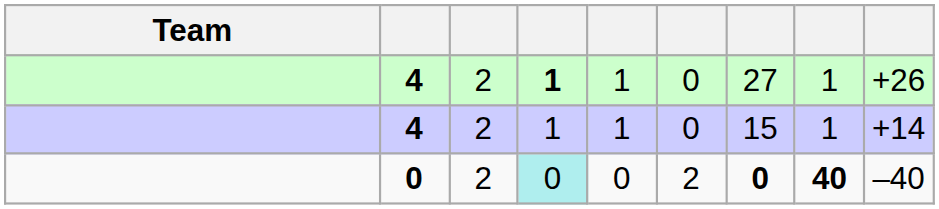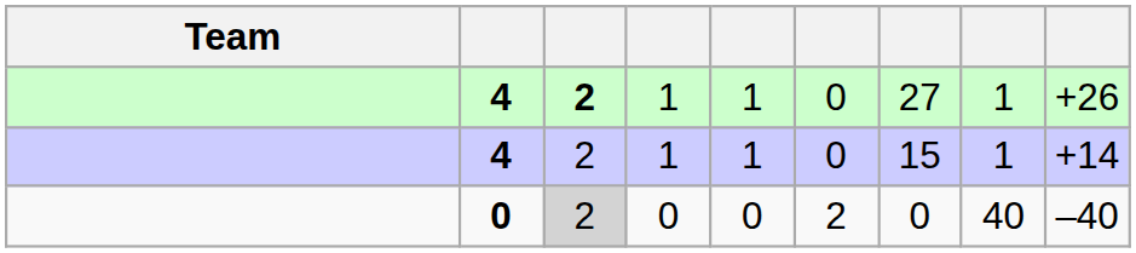 <table class="wikitable" style="text-align: center; font-size: 90%;">
 <tr>
 <th width="165">Team</th>
 <th width="25"></th>
 <th width="25"></th>
 <th width="25"></th>
 <th width="25"></th>
 <th width="25"></th>
 <th width="25"></th>
 <th width="25"></th>
 <th width="25"></th>
 </tr>
 <tr bgcolor=#ccffcc>
 <td align=left></td>
 <td><strong>4</strong></td>
-<td>2</td>
-<td><strong>1</strong></td>
+<td><strong>2</strong></td>
+<td>1</td>
 <td>1</td>
 <td>0</td>
 <td>27</td>
 <td>1</td>
 <td>+26</td>
 </tr>
 <tr bgcolor=#ccccff>
 <td align=left></td>
 <td><strong>4</strong></td>
 <td>2</td>
 <td>1</td>
 <td>1</td>
 <td>0</td>
 <td>15</td>
 <td>1</td>
 <td>+14</td>
 </tr>
 <tr>
 <td align=left></td>
 <td><strong>0</strong></td>
-<td>2</td>
-<td style="background: paleturquoise;">0</td>
+<td style="background: lightgrey;">2</td>
+<td>0</td>
 <td>0</td>
 <td>2</td>
-<td><strong>0</strong></td>
-<td><strong>40</strong></td>
+<td>0</td>
+<td>40</td>
 <td>–40</td>
 </tr>
 </table>
